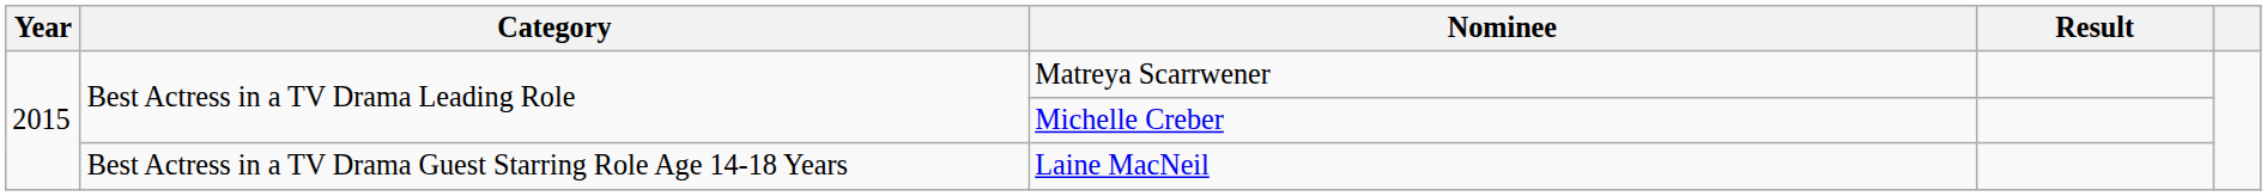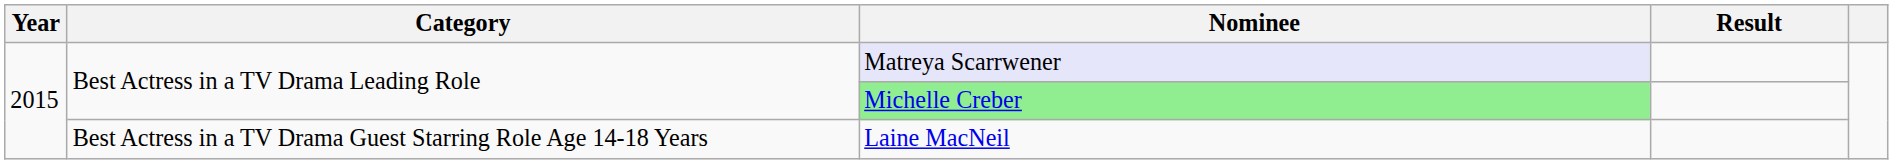 <table class="wikitable">
 <tr>
 <th width=3%>Year</th>
 <th width=40%>Category</th>
 <th width=40%>Nominee</th>
 <th width=10%>Result</th>
 <th width=2%></th>
 </tr>
 <tr>
 <td rowspan="3">2015</td>
 <td rowspan="2">Best Actress in a TV Drama Leading Role</td>
-<td>Matreya Scarrwener</td>
+<td style="background: lavender;">Matreya Scarrwener</td>
 <td></td>
 <td rowspan="3"></td>
 </tr>
 <tr>
-<td><a href='#'>Michelle Creber</a></td>
+<td style="background: lightgreen;"><a href='#'>Michelle Creber</a></td>
 <td></td>
 </tr>
 <tr>
 <td>Best Actress in a TV Drama Guest Starring Role Age 14-18 Years</td>
 <td><a href='#'>Laine MacNeil</a></td>
 <td></td>
 </tr>
 </table>
